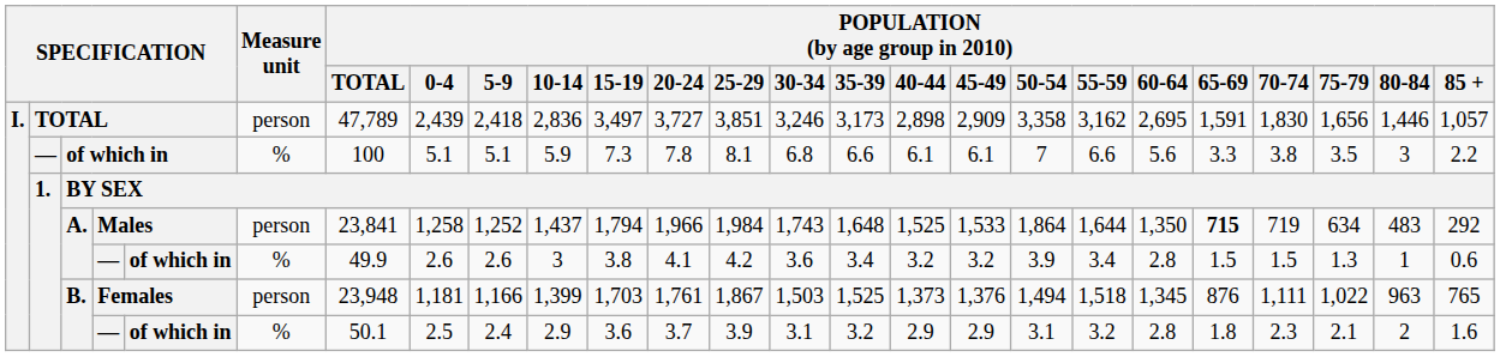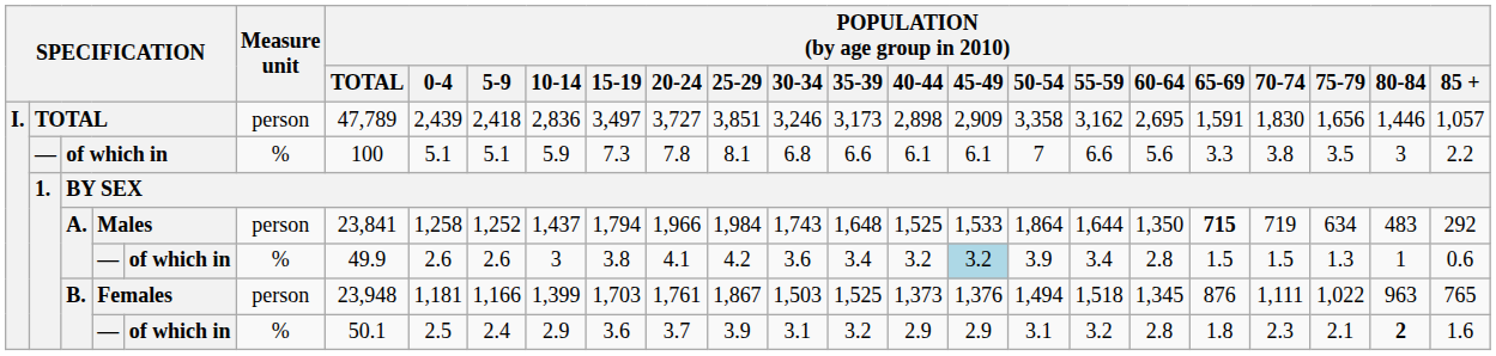 <table class="wikitable" style="font-size:85%; text-align:center">
 <tr>
 <th rowspan="2" colspan="5">SPECIFICATION</th>
 <th rowspan="2">Measure<br> unit</th>
 <th colspan="20" rowspan="1">POPULATION<br> (by age group in 2010)</th>
 </tr>
 <tr>
 <th>TOTAL</th>
 <th>0-4</th>
 <th>5-9</th>
 <th>10-14</th>
 <th>15-19</th>
 <th>20-24</th>
 <th>25-29</th>
 <th>30-34</th>
 <th>35-39</th>
 <th>40-44</th>
 <th>45-49</th>
 <th>50-54</th>
 <th>55-59</th>
 <th>60-64</th>
 <th>65-69</th>
 <th>70-74</th>
 <th>75-79</th>
 <th>80-84</th>
 <th>85 +</th>
 </tr>
 <tr>
 <th style="text-align:left" valign="top" rowspan="7">I.</th>
 <th style="text-align:left" colspan="4">TOTAL</th>
 <td>person</td>
 <td>47,789</td>
 <td>2,439</td>
 <td>2,418</td>
 <td>2,836</td>
 <td>3,497</td>
 <td>3,727</td>
 <td>3,851</td>
 <td>3,246</td>
 <td>3,173</td>
 <td>2,898</td>
 <td>2,909</td>
 <td>3,358</td>
 <td>3,162</td>
 <td>2,695</td>
 <td>1,591</td>
 <td>1,830</td>
 <td>1,656</td>
 <td>1,446</td>
 <td>1,057</td>
 </tr>
 <tr>
 <th style="text-align:left" valign="top">—</th>
 <th style="text-align:left" colspan="3">of which in</th>
 <td>%</td>
 <td>100</td>
 <td>5.1</td>
 <td>5.1</td>
 <td>5.9</td>
 <td>7.3</td>
 <td>7.8</td>
 <td>8.1</td>
 <td>6.8</td>
 <td>6.6</td>
 <td>6.1</td>
 <td>6.1</td>
 <td>7</td>
 <td>6.6</td>
 <td>5.6</td>
 <td>3.3</td>
 <td>3.8</td>
 <td>3.5</td>
 <td>3</td>
 <td>2.2</td>
 </tr>
 <tr>
 <th style="text-align:left" valign="top" rowspan="5">1.</th>
 <th style="text-align:left" colspan="23">BY SEX</th>
 </tr>
 <tr>
 <th style="text-align:left" valign="top" rowspan="2">A.</th>
 <th style="text-align:left" colspan="2">Males</th>
 <td>person</td>
 <td>23,841</td>
 <td>1,258</td>
 <td>1,252</td>
 <td>1,437</td>
 <td>1,794</td>
 <td>1,966</td>
 <td>1,984</td>
 <td>1,743</td>
 <td>1,648</td>
 <td>1,525</td>
 <td>1,533</td>
 <td>1,864</td>
 <td>1,644</td>
 <td>1,350</td>
 <td><strong>715</strong></td>
 <td>719</td>
 <td>634</td>
 <td>483</td>
 <td>292</td>
 </tr>
 <tr>
 <th style="text-align:left" valign="top">—</th>
 <th style="text-align:left" colspan="1">of which in</th>
 <td>%</td>
 <td>49.9</td>
 <td>2.6</td>
 <td>2.6</td>
 <td>3</td>
 <td>3.8</td>
 <td>4.1</td>
 <td>4.2</td>
 <td>3.6</td>
 <td>3.4</td>
 <td>3.2</td>
-<td>3.2</td>
+<td style="background: lightblue;">3.2</td>
 <td>3.9</td>
 <td>3.4</td>
 <td>2.8</td>
 <td>1.5</td>
 <td>1.5</td>
 <td>1.3</td>
 <td>1</td>
 <td>0.6</td>
 </tr>
 <tr>
 <th style="text-align:left" valign="top" rowspan="2">B.</th>
 <th style="text-align:left" colspan="2">Females</th>
 <td>person</td>
 <td>23,948</td>
 <td>1,181</td>
 <td>1,166</td>
 <td>1,399</td>
 <td>1,703</td>
 <td>1,761</td>
 <td>1,867</td>
 <td>1,503</td>
 <td>1,525</td>
 <td>1,373</td>
 <td>1,376</td>
 <td>1,494</td>
 <td>1,518</td>
 <td>1,345</td>
 <td>876</td>
 <td>1,111</td>
 <td>1,022</td>
 <td>963</td>
 <td>765</td>
 </tr>
 <tr>
 <th style="text-align:left" valign="top">—</th>
 <th style="text-align:left" colspan="1">of which in</th>
 <td>%</td>
 <td>50.1</td>
 <td>2.5</td>
 <td>2.4</td>
 <td>2.9</td>
 <td>3.6</td>
 <td>3.7</td>
 <td>3.9</td>
 <td>3.1</td>
 <td>3.2</td>
 <td>2.9</td>
 <td>2.9</td>
 <td>3.1</td>
 <td>3.2</td>
 <td>2.8</td>
 <td>1.8</td>
 <td>2.3</td>
 <td>2.1</td>
-<td>2</td>
+<td><strong>2</strong></td>
 <td>1.6</td>
 </tr>
 </table>
